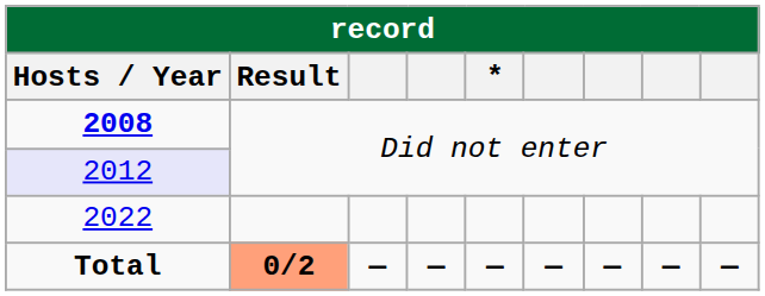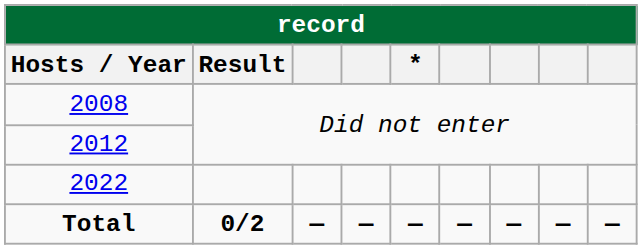 <table class="wikitable mw-collapsible" style="text-align: center;font-size:100%;">
 <tr>
 <th colspan="9" style="background: #006C35; color: white;"><a href='#'></a> record</th>
 </tr>
 <tr>
 <th>Hosts / Year</th>
 <th>Result</th>
 <th width=20></th>
 <th width=20></th>
 <th width=20>*</th>
 <th width=20></th>
 <th width=20></th>
 <th width=20></th>
 <th width=20></th>
 </tr>
 <tr>
-<td><strong> <a href='#'>2008</a></strong></td>
+<td> <a href='#'>2008</a></td>
 <td colspan=8 rowspan=2><em>Did not enter</em></td>
 </tr>
 <tr>
-<td style="background: lavender;"> <a href='#'>2012</a></td>
+<td> <a href='#'>2012</a></td>
 </tr>
 <tr>
 <td> <a href='#'>2022</a></td>
 <td></td>
 <td></td>
 <td></td>
 <td></td>
 <td></td>
 <td></td>
 <td></td>
 <td></td>
 </tr>
 <tr>
 <td><strong>Total</strong></td>
-<td style="background: lightsalmon;"><strong>0/2</strong></td>
+<td><strong>0/2</strong></td>
 <td><strong>—</strong></td>
 <td><strong>—</strong></td>
 <td><strong>—</strong></td>
 <td><strong>—</strong></td>
 <td><strong>—</strong></td>
 <td><strong>—</strong></td>
 <td><strong>—</strong></td>
 </tr>
 </table>
